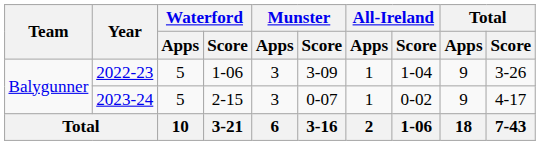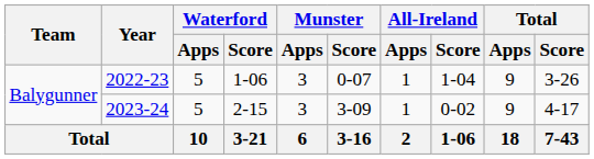 <table class="wikitable" style="text-align:center">
 <tr>
 <th rowspan="2">Team</th>
 <th rowspan="2">Year</th>
 <th colspan="2"><a href='#'>Waterford</a></th>
 <th colspan="2"><a href='#'>Munster</a></th>
 <th colspan="2"><a href='#'>All-Ireland</a></th>
 <th colspan="2">Total</th>
 </tr>
 <tr>
 <th>Apps</th>
 <th>Score</th>
 <th>Apps</th>
 <th>Score</th>
 <th>Apps</th>
 <th>Score</th>
 <th>Apps</th>
 <th>Score</th>
 </tr>
 <tr>
 <td rowspan="2"><a href='#'>Balygunner</a></td>
 <td><a href='#'>2022-23</a></td>
 <td>5</td>
 <td>1-06</td>
 <td>3</td>
-<td>3-09</td>
+<td>0-07</td>
 <td>1</td>
 <td>1-04</td>
 <td>9</td>
 <td>3-26</td>
 </tr>
 <tr>
 <td><a href='#'>2023-24</a></td>
 <td>5</td>
 <td>2-15</td>
 <td>3</td>
-<td>0-07</td>
+<td>3-09</td>
 <td>1</td>
 <td>0-02</td>
 <td>9</td>
 <td>4-17</td>
 </tr>
 <tr>
 <th colspan="2">Total</th>
 <th>10</th>
 <th>3-21</th>
 <th>6</th>
 <th>3-16</th>
 <th>2</th>
 <th>1-06</th>
 <th>18</th>
 <th>7-43</th>
 </tr>
 </table>
